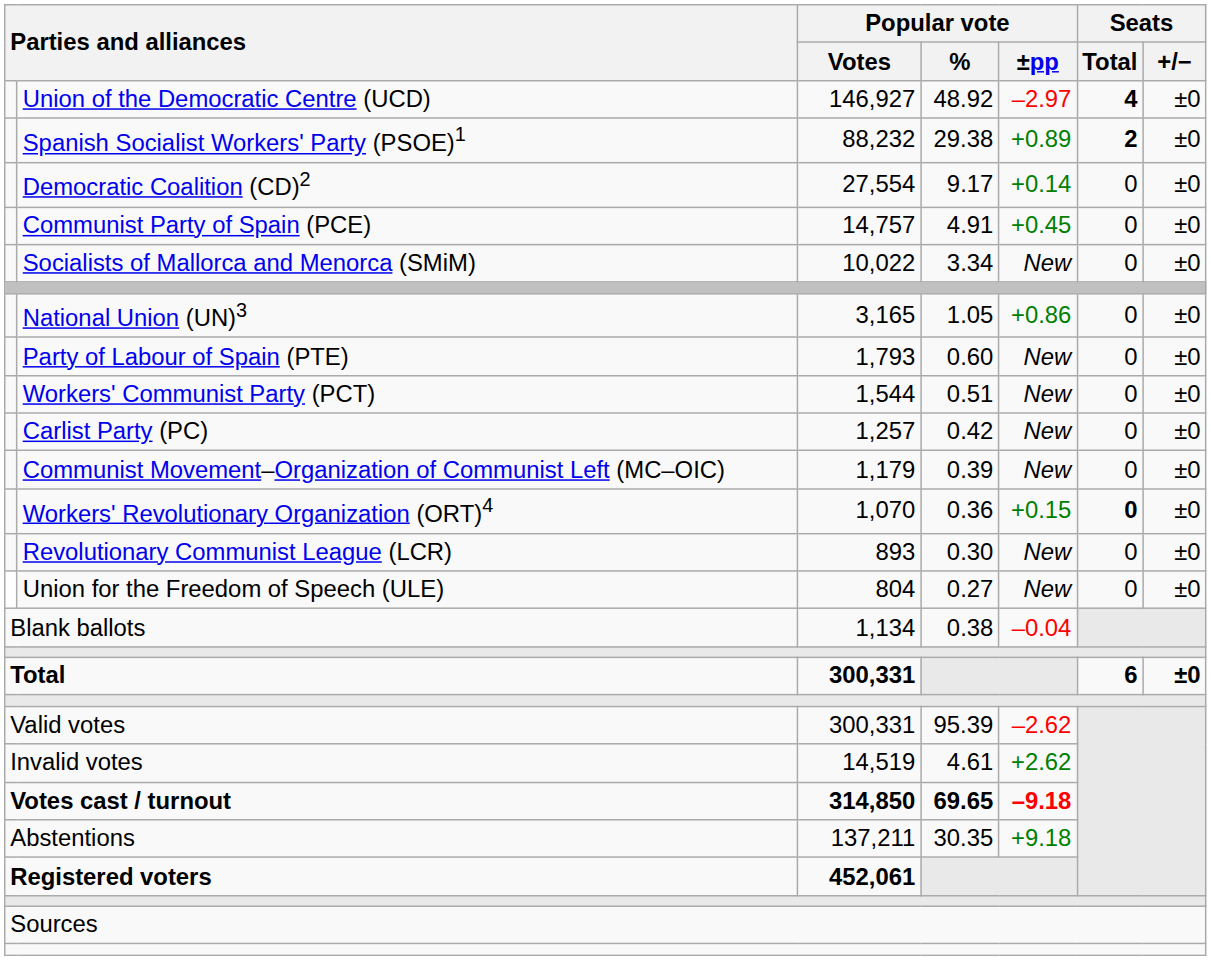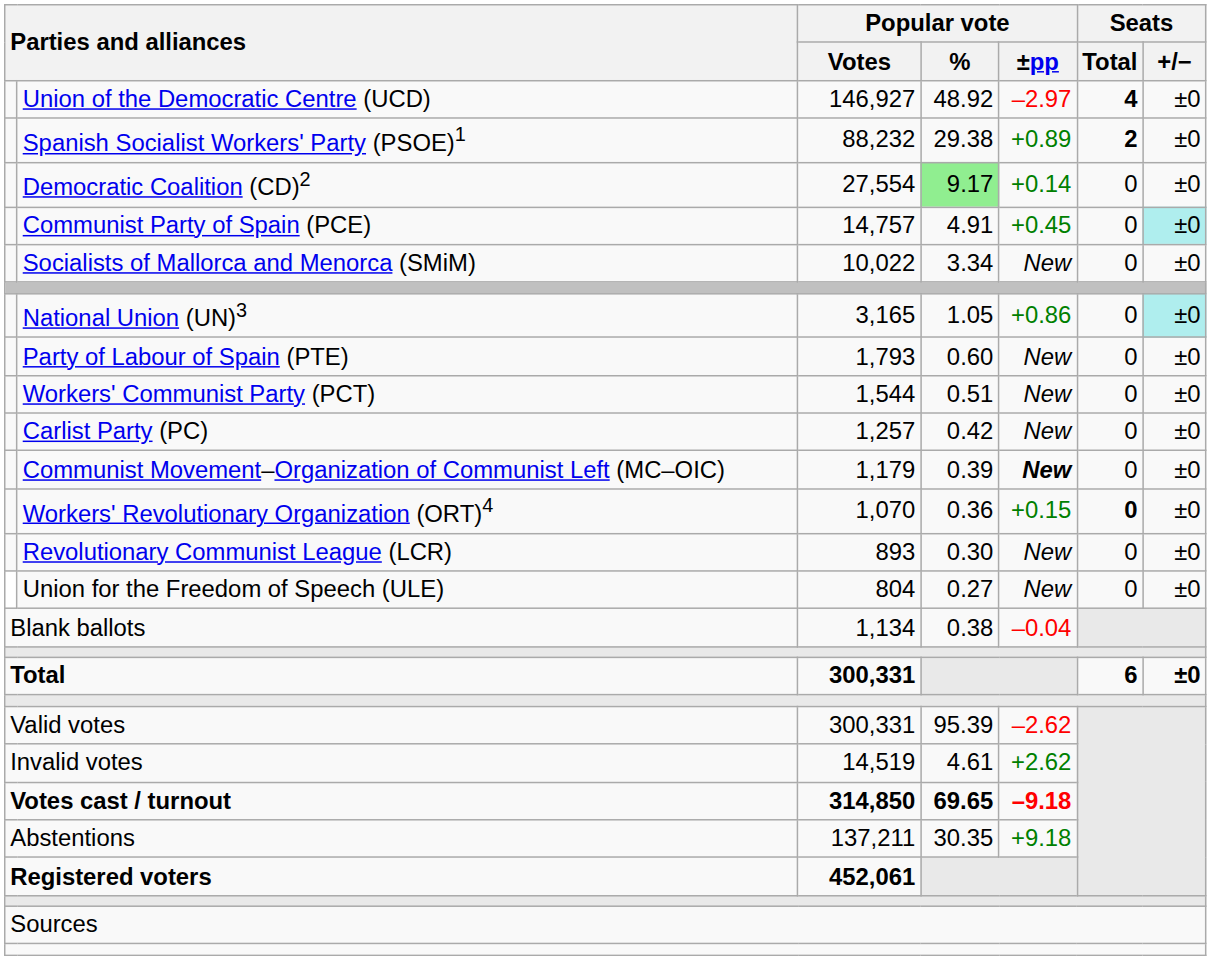 <table class="wikitable" style="text-align:right;">
 <tr>
 <th style="text-align:left;" rowspan="2" colspan="2" width="525">Parties and alliances</th>
 <th colspan="3">Popular vote</th>
 <th colspan="2">Seats</th>
 </tr>
 <tr>
 <th width="75">Votes</th>
 <th width="45">%</th>
 <th width="45">±<a href='#'>pp</a></th>
 <th width="35">Total</th>
 <th width="35">+/−</th>
 </tr>
 <tr>
 <td width="1" style="color:inherit;background:"></td>
 <td align="left"><a href='#'>Union of the Democratic Centre</a> (UCD)</td>
 <td>146,927</td>
 <td>48.92</td>
 <td style="color:red;">–2.97</td>
 <td><strong>4</strong></td>
 <td>±0</td>
 </tr>
 <tr>
 <td style="color:inherit;background:"></td>
 <td align="left"><a href='#'>Spanish Socialist Workers' Party</a> (PSOE)<sup>1</sup></td>
 <td>88,232</td>
 <td>29.38</td>
 <td style="color:green;">+0.89</td>
 <td><strong>2</strong></td>
 <td>±0</td>
 </tr>
 <tr>
 <td style="color:inherit;background:"></td>
 <td align="left"><a href='#'>Democratic Coalition</a> (CD)<sup>2</sup></td>
 <td>27,554</td>
-<td>9.17</td>
+<td style="background: lightgreen;">9.17</td>
 <td style="color:green;">+0.14</td>
 <td>0</td>
 <td>±0</td>
 </tr>
 <tr>
 <td style="color:inherit;background:"></td>
 <td align="left"><a href='#'>Communist Party of Spain</a> (PCE)</td>
 <td>14,757</td>
 <td>4.91</td>
 <td style="color:green;">+0.45</td>
 <td>0</td>
-<td>±0</td>
+<td style="background: paleturquoise;">±0</td>
 </tr>
 <tr>
 <td style="color:inherit;background:"></td>
 <td align="left"><a href='#'>Socialists of Mallorca and Menorca</a> (SMiM)</td>
 <td>10,022</td>
 <td>3.34</td>
 <td><em>New</em></td>
 <td>0</td>
 <td>±0</td>
 </tr>
 <tr>
 <td colspan="7" bgcolor="#C0C0C0"></td>
 </tr>
 <tr>
 <td style="color:inherit;background:"></td>
 <td align="left"><a href='#'>National Union</a> (UN)<sup>3</sup></td>
 <td>3,165</td>
 <td>1.05</td>
 <td style="color:green;">+0.86</td>
 <td>0</td>
-<td>±0</td>
+<td style="background: paleturquoise;">±0</td>
 </tr>
 <tr>
 <td style="color:inherit;background:"></td>
 <td align="left"><a href='#'>Party of Labour of Spain</a> (PTE)</td>
 <td>1,793</td>
 <td>0.60</td>
 <td><em>New</em></td>
 <td>0</td>
 <td>±0</td>
 </tr>
 <tr>
 <td style="color:inherit;background:"></td>
 <td align="left"><a href='#'>Workers' Communist Party</a> (PCT)</td>
 <td>1,544</td>
 <td>0.51</td>
 <td><em>New</em></td>
 <td>0</td>
 <td>±0</td>
 </tr>
 <tr>
 <td style="color:inherit;background:"></td>
 <td align="left"><a href='#'>Carlist Party</a> (PC)</td>
 <td>1,257</td>
 <td>0.42</td>
 <td><em>New</em></td>
 <td>0</td>
 <td>±0</td>
 </tr>
 <tr>
 <td style="color:inherit;background:"></td>
 <td align="left"><a href='#'>Communist Movement</a>–<a href='#'>Organization of Communist Left</a> (MC–OIC)</td>
 <td>1,179</td>
 <td>0.39</td>
-<td><em>New</em></td>
+<td><strong><em>New</em></strong></td>
 <td>0</td>
 <td>±0</td>
 </tr>
 <tr>
 <td style="color:inherit;background:"></td>
 <td align="left"><a href='#'>Workers' Revolutionary Organization</a> (ORT)<sup>4</sup></td>
 <td>1,070</td>
 <td>0.36</td>
 <td style="color:green;">+0.15</td>
 <td><strong>0</strong></td>
 <td>±0</td>
 </tr>
 <tr>
 <td style="color:inherit;background:"></td>
 <td align="left"><a href='#'>Revolutionary Communist League</a> (LCR)</td>
 <td>893</td>
 <td>0.30</td>
 <td><em>New</em></td>
 <td>0</td>
 <td>±0</td>
 </tr>
 <tr>
 <td bgcolor="white"></td>
 <td align="left">Union for the Freedom of Speech (ULE)</td>
 <td>804</td>
 <td>0.27</td>
 <td><em>New</em></td>
 <td>0</td>
 <td>±0</td>
 </tr>
 <tr>
 <td align="left" colspan="2">Blank ballots</td>
 <td>1,134</td>
 <td>0.38</td>
 <td style="color:red;">–0.04</td>
 <td bgcolor="#E9E9E9" colspan="2"></td>
 </tr>
 <tr>
 <td colspan="7" bgcolor="#E9E9E9"></td>
 </tr>
 <tr style="font-weight:bold;">
 <td align="left" colspan="2">Total</td>
 <td>300,331</td>
 <td bgcolor="#E9E9E9" colspan="2"></td>
 <td>6</td>
 <td>±0</td>
 </tr>
 <tr>
 <td colspan="7" bgcolor="#E9E9E9"></td>
 </tr>
 <tr>
 <td align="left" colspan="2">Valid votes</td>
 <td>300,331</td>
 <td>95.39</td>
 <td style="color:red;">–2.62</td>
 <td bgcolor="#E9E9E9" colspan="2" rowspan="5"></td>
 </tr>
 <tr>
 <td align="left" colspan="2">Invalid votes</td>
 <td>14,519</td>
 <td>4.61</td>
 <td style="color:green;">+2.62</td>
 </tr>
 <tr style="font-weight:bold;">
 <td align="left" colspan="2">Votes cast / turnout</td>
 <td>314,850</td>
 <td>69.65</td>
 <td style="color:red;">–9.18</td>
 </tr>
 <tr>
 <td align="left" colspan="2">Abstentions</td>
 <td>137,211</td>
 <td>30.35</td>
 <td style="color:green;">+9.18</td>
 </tr>
 <tr style="font-weight:bold;">
 <td align="left" colspan="2">Registered voters</td>
 <td>452,061</td>
 <td bgcolor="#E9E9E9" colspan="2"></td>
 </tr>
 <tr>
 <td colspan="7" bgcolor="#E9E9E9"></td>
 </tr>
 <tr>
 <td align="left" colspan="7">Sources</td>
 </tr>
 <tr>
 <td colspan="7" style="text-align:left; max-width:790px;"></td>
 </tr>
 </table>
